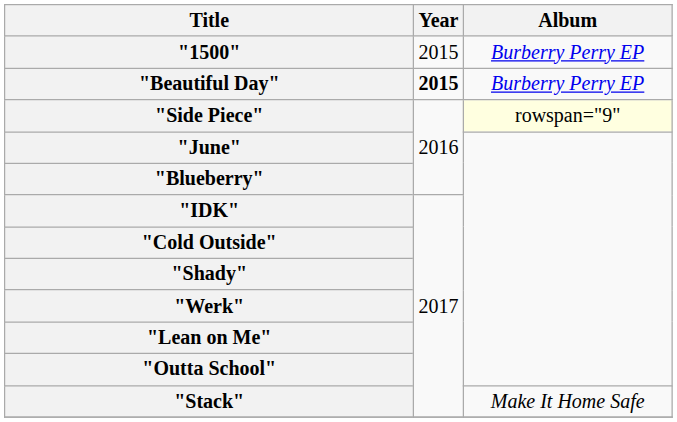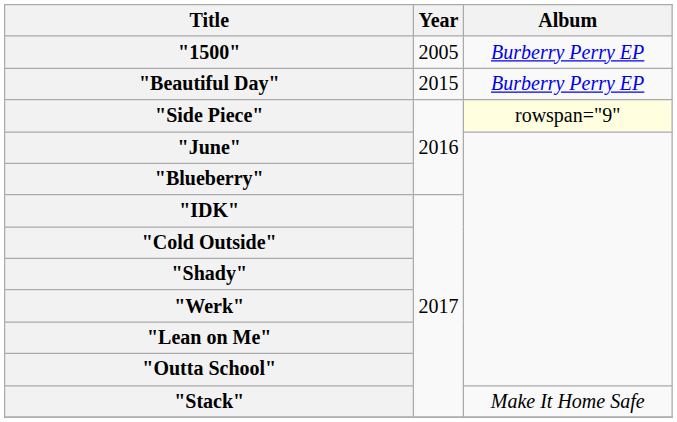 <table class="wikitable plainrowheaders" style="text-align:center;">
 <tr>
 <th scope="col" rowspan="1" style="width:20em;">Title</th>
 <th scope="col" rowspan="1" style="width:1em;">Year</th>
 <th scope="col" rowspan="1" style="width:10em;">Album</th>
 </tr>
 <tr>
 <th scope="row">"1500"<br></th>
-<td>2015</td>
+<td>2005</td>
 <td><em><a href='#'>Burberry Perry EP</a></em></td>
 </tr>
 <tr>
 <th scope="row">"Beautiful Day"<br></th>
-<td><strong>2015</strong></td>
+<td>2015</td>
 <td><em><a href='#'>Burberry Perry EP</a></em></td>
 </tr>
 <tr>
 <th scope="row">"Side Piece"</th>
 <td rowspan="3">2016</td>
 <td style="background: lightyellow;">rowspan="9" </td>
 </tr>
 <tr>
 <th scope="row">"June"</th>
 </tr>
 <tr>
 <th scope="row">"Blueberry"</th>
 </tr>
 <tr>
 <th scope="row">"IDK"<br></th>
 <td rowspan="7">2017</td>
 </tr>
 <tr>
 <th scope="row">"Cold Outside"</th>
 </tr>
 <tr>
 <th scope="row">"Shady"</th>
 </tr>
 <tr>
 <th scope="row">"Werk"</th>
 </tr>
 <tr>
 <th scope="row">"Lean on Me"<br></th>
 </tr>
 <tr>
 <th scope="row">"Outta School"</th>
 </tr>
 <tr>
 <th scope="row">"Stack"<br></th>
 <td><em>Make It Home Safe</em></td>
 </tr>
 <tr>
 </tr>
 </table>
